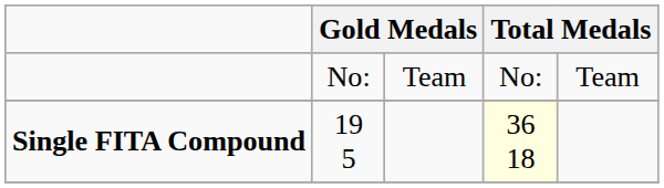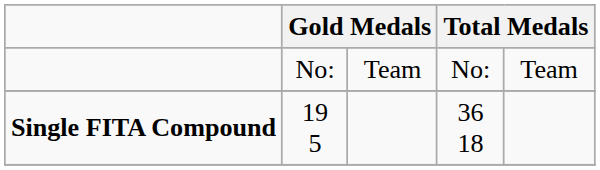 <table class="wikitable" style="text-align: center; font-size:95%;">
 <tr>
 <td></td>
 <th colspan=2>Gold Medals</th>
 <th colspan=2>Total Medals</th>
 </tr>
 <tr>
 <td></td>
 <td>No:</td>
 <td>Team</td>
 <td>No:</td>
 <td>Team</td>
 </tr>
 <tr>
 </tr>
 <tr>
 <td><strong>Single FITA Compound</strong></td>
 <td>19 <br> 5</td>
 <td align="left"> <br> </td>
-<td style="background: lightyellow;">36 <br> 18</td>
+<td>36 <br> 18</td>
 <td align="left"> <br> </td>
 </tr>
 <tr>
 </tr>
 </table>
